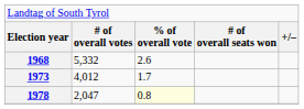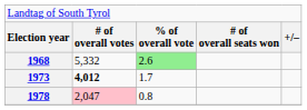 <table class=wikitable>
 <tr>
 <td colspan=7><a href='#'>Landtag of South Tyrol</a></td>
 </tr>
 <tr>
 <th>Election year</th>
 <th># of<br>overall votes</th>
 <th>% of<br>overall vote</th>
 <th># of<br>overall seats won</th>
 <th>+/–</th>
 </tr>
 <tr>
 <th><a href='#'>1968</a></th>
 <td>5,332</td>
-<td>2.6</td>
+<td style="background: lightgreen;">2.6</td>
 <td></td>
 <td></td>
 </tr>
 <tr>
 <th><a href='#'>1973</a></th>
-<td>4,012</td>
+<td><strong>4,012</strong></td>
 <td>1.7</td>
 <td></td>
 <td></td>
 </tr>
 <tr>
 <th><a href='#'>1978</a></th>
-<td>2,047</td>
-<td style="background: lightyellow;">0.8</td>
+<td style="background: pink;">2,047</td>
+<td>0.8</td>
 <td></td>
 <td></td>
 </tr>
 <tr>
 </tr>
 </table>
